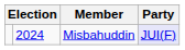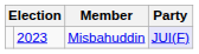 <table class="wikitable">
 <tr>
 <th colspan="2">Election</th>
 <th>Member</th>
 <th>Party</th>
 </tr>
 <tr>
 <td style="background-color: "></td>
-<td><a href='#'>2024</a></td>
+<td><a href='#'>2023</a></td>
 <td><a href='#'>Misbahuddin</a></td>
 <td style="background: lavender;"><a href='#'>JUI(F)</a></td>
 </tr>
 </table>
